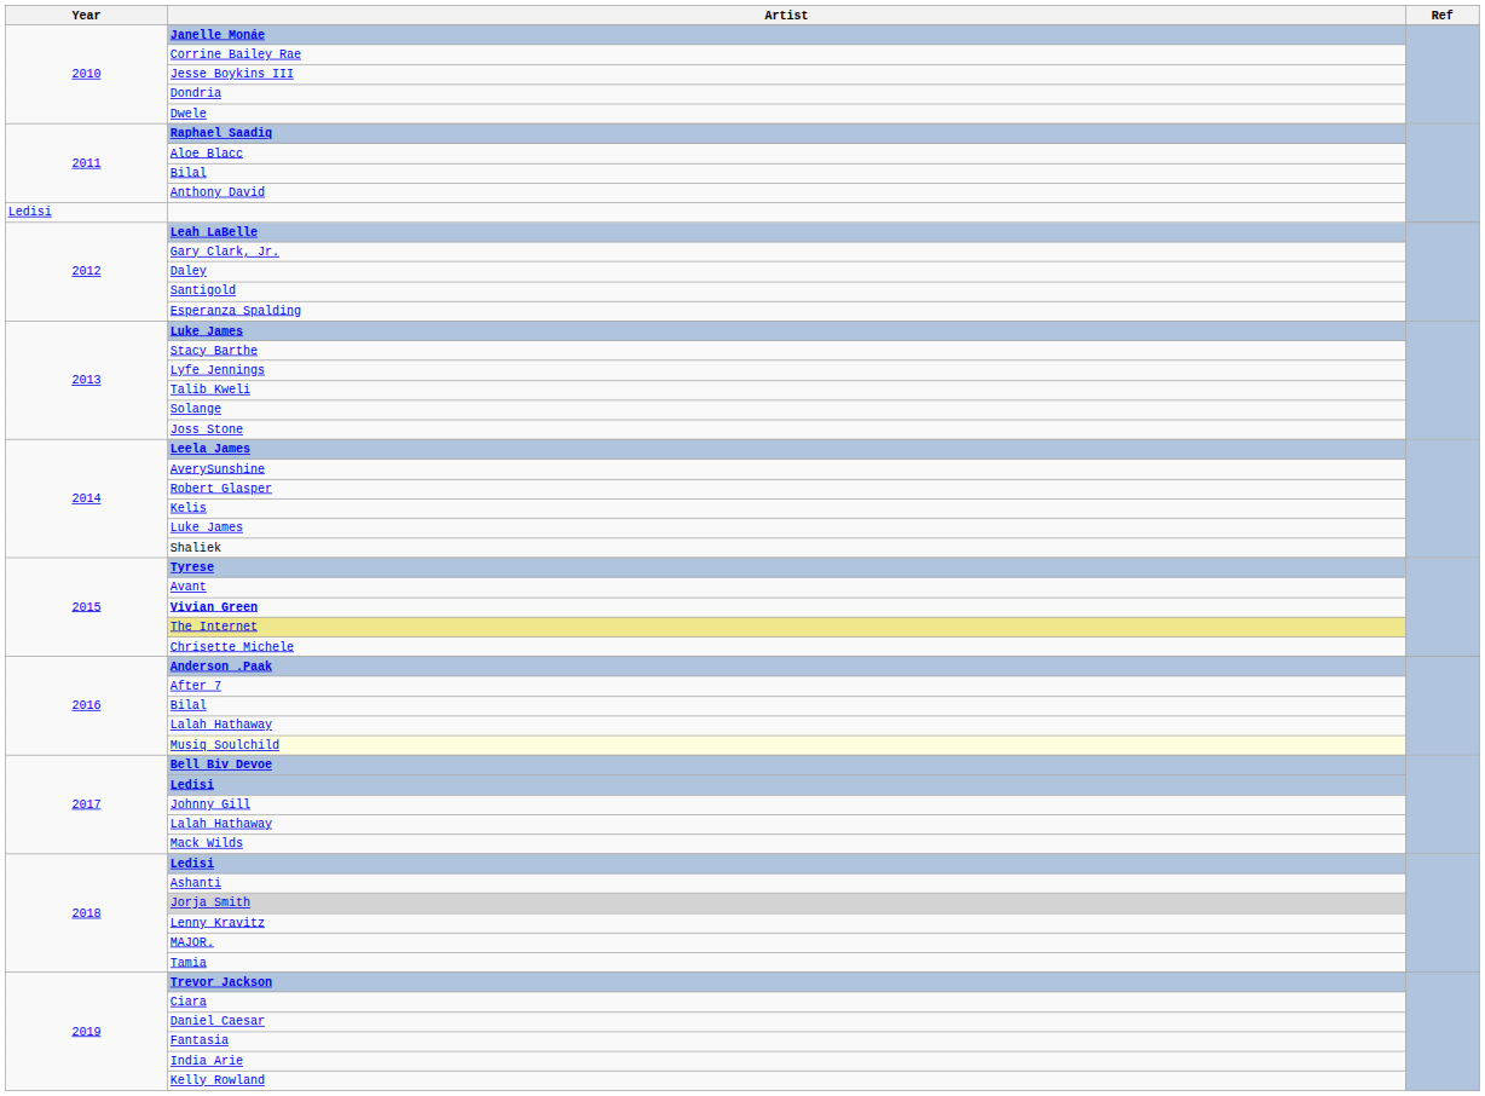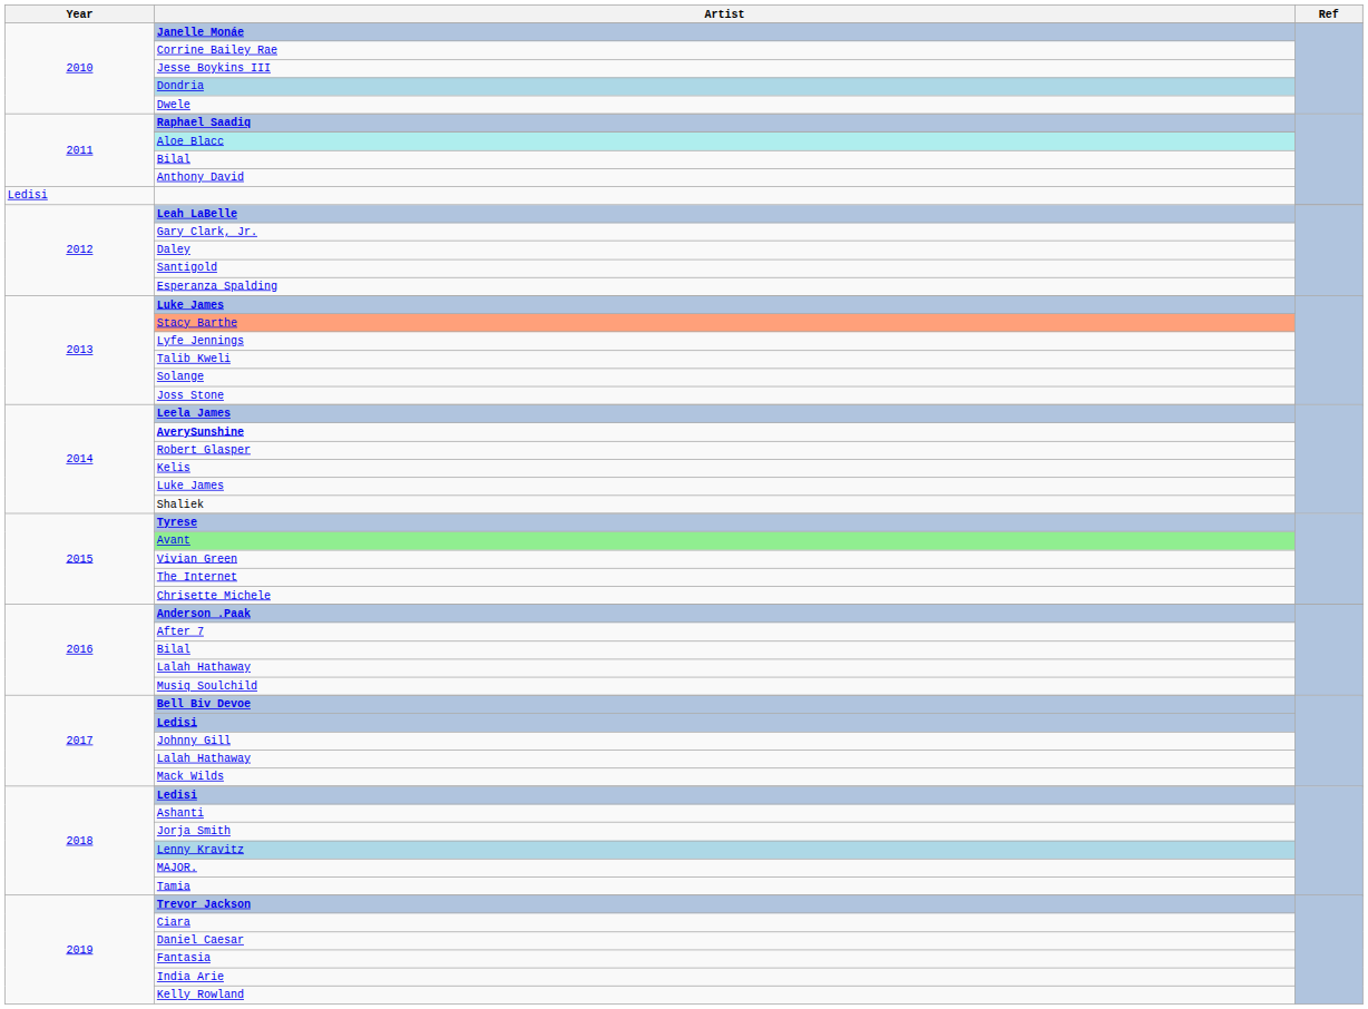 <table class="wikitable" style="width:100%;">
 <tr style="background:#bebebe;">
 <th style="width:11%;">Year</th>
 <th style="width:84%;">Artist</th>
 <th style="width:5%;">Ref</th>
 </tr>
 <tr>
 <td rowspan="6" align="center"><a href='#'>2010</a></td>
 </tr>
 <tr style="background:#B0C4DE">
 <td><strong><a href='#'>Janelle Monáe</a></strong></td>
 <td rowspan="6" align="center"></td>
 </tr>
 <tr>
 <td><a href='#'>Corrine Bailey Rae</a></td>
 </tr>
 <tr>
 <td><a href='#'>Jesse Boykins III</a></td>
 </tr>
 <tr>
-<td><a href='#'>Dondria</a></td>
+<td style="background: lightblue;"><a href='#'>Dondria</a></td>
 </tr>
 <tr>
 <td><a href='#'>Dwele</a></td>
 </tr>
 <tr>
 <td rowspan="6" align="center"><a href='#'>2011</a></td>
 </tr>
 <tr style="background:#B0C4DE">
 <td><strong><a href='#'>Raphael Saadiq</a></strong></td>
 <td rowspan="6" align="center"></td>
 </tr>
 <tr>
 </tr>
 <tr>
-<td><a href='#'>Aloe Blacc</a></td>
+<td style="background: paleturquoise;"><a href='#'>Aloe Blacc</a></td>
 </tr>
 <tr>
 <td><a href='#'>Bilal</a></td>
 </tr>
 <tr>
 <td><a href='#'>Anthony David</a></td>
 </tr>
 <tr>
 <td><a href='#'>Ledisi</a></td>
 </tr>
 <tr>
 <td rowspan="6" align="center"><a href='#'>2012</a></td>
 </tr>
 <tr style="background:#B0C4DE">
 <td><strong><a href='#'>Leah LaBelle</a></strong></td>
 <td rowspan="6" align="center"></td>
 </tr>
 <tr>
 <td><a href='#'>Gary Clark, Jr.</a></td>
 </tr>
 <tr>
 <td><a href='#'>Daley</a></td>
 </tr>
 <tr>
 <td><a href='#'>Santigold</a></td>
 </tr>
 <tr>
 <td><a href='#'>Esperanza Spalding</a></td>
 </tr>
 <tr>
 <td rowspan="7" align="center"><a href='#'>2013</a></td>
 </tr>
 <tr style="background:#B0C4DE">
 <td><strong><a href='#'>Luke James</a></strong></td>
 <td rowspan="7" align="center"></td>
 </tr>
 <tr>
-<td><a href='#'>Stacy Barthe</a></td>
+<td style="background: lightsalmon;"><a href='#'>Stacy Barthe</a></td>
 </tr>
 <tr>
 <td><a href='#'>Lyfe Jennings</a></td>
 </tr>
 <tr>
 <td><a href='#'>Talib Kweli</a></td>
 </tr>
 <tr>
 <td><a href='#'>Solange</a></td>
 </tr>
 <tr>
 <td><a href='#'>Joss Stone</a></td>
 </tr>
 <tr>
 <td rowspan="7" align="center"><a href='#'>2014</a></td>
 </tr>
 <tr style="background:#B0C4DE">
 <td><strong><a href='#'>Leela James</a></strong></td>
 <td rowspan="7" align="center"></td>
 </tr>
 <tr>
-<td><a href='#'>AverySunshine</a></td>
+<td><strong><a href='#'>AverySunshine</a></strong></td>
 </tr>
 <tr>
 <td><a href='#'>Robert Glasper</a></td>
 </tr>
 <tr>
 <td><a href='#'>Kelis</a></td>
 </tr>
 <tr>
 <td><a href='#'>Luke James</a></td>
 </tr>
 <tr>
 <td>Shaliek</td>
 </tr>
 <tr>
 <td rowspan="6" align="center"><a href='#'>2015</a></td>
 </tr>
 <tr style="background:#B0C4DE">
 <td><strong><a href='#'>Tyrese</a></strong></td>
 <td rowspan="5" align="center"></td>
 </tr>
 <tr>
-<td><a href='#'>Avant</a></td>
+<td style="background: lightgreen;"><a href='#'>Avant</a></td>
 </tr>
 <tr>
-<td><strong><a href='#'>Vivian Green</a></strong></td>
+<td><a href='#'>Vivian Green</a></td>
 </tr>
 <tr>
-<td style="background: khaki;"><a href='#'>The Internet</a></td>
+<td><a href='#'>The Internet</a></td>
 </tr>
 <tr>
 <td><a href='#'>Chrisette Michele</a></td>
 </tr>
 <tr>
 <td rowspan="6" align="center"><a href='#'>2016</a></td>
 </tr>
 <tr style="background:#B0C4DE">
 <td><strong><a href='#'>Anderson .Paak</a></strong></td>
 <td rowspan="6" align="center"></td>
 </tr>
 <tr>
 <td><a href='#'>After 7</a></td>
 </tr>
 <tr>
 <td><a href='#'>Bilal</a></td>
 </tr>
 <tr>
 <td><a href='#'>Lalah Hathaway</a></td>
 </tr>
 <tr>
-<td style="background: lightyellow;"><a href='#'>Musiq Soulchild</a></td>
+<td><a href='#'>Musiq Soulchild</a></td>
 </tr>
 <tr>
 <td rowspan="6" align="center"><a href='#'>2017</a></td>
 </tr>
 <tr style="background:#B0C4DE">
 <td><strong><a href='#'>Bell Biv Devoe</a></strong></td>
 <td rowspan="6" align="center"></td>
 </tr>
 <tr style="background:#B0C4DE">
 <td><strong><a href='#'>Ledisi</a></strong></td>
 </tr>
 <tr>
 <td><a href='#'>Johnny Gill</a></td>
 </tr>
 <tr>
 <td><a href='#'>Lalah Hathaway</a></td>
 </tr>
 <tr>
 <td><a href='#'>Mack Wilds</a></td>
 </tr>
 <tr>
 <td rowspan="7" align="center"><a href='#'>2018</a></td>
 </tr>
 <tr style="background:#B0C4DE">
 <td><strong><a href='#'>Ledisi</a></strong></td>
 <td rowspan="7" align="center"></td>
 </tr>
 <tr>
 <td><a href='#'>Ashanti</a></td>
 </tr>
 <tr>
-<td style="background: lightgrey;"><a href='#'>Jorja Smith</a></td>
+<td><a href='#'>Jorja Smith</a></td>
 </tr>
 <tr>
-<td><a href='#'>Lenny Kravitz</a></td>
+<td style="background: lightblue;"><a href='#'>Lenny Kravitz</a></td>
 </tr>
 <tr>
 <td><a href='#'>MAJOR.</a></td>
 </tr>
 <tr>
 <td><a href='#'>Tamia</a></td>
 </tr>
 <tr>
 <td rowspan="7" align="center"><a href='#'>2019</a></td>
 </tr>
 <tr style="background:#B0C4DE">
 <td><strong><a href='#'>Trevor Jackson</a></strong></td>
 <td rowspan="7" align="center"></td>
 </tr>
 <tr>
 <td><a href='#'>Ciara</a></td>
 </tr>
 <tr>
 <td><a href='#'>Daniel Caesar</a></td>
 </tr>
 <tr>
 <td><a href='#'>Fantasia</a></td>
 </tr>
 <tr>
 <td><a href='#'>India Arie</a></td>
 </tr>
 <tr>
 <td><a href='#'>Kelly Rowland</a></td>
 </tr>
 </table>
